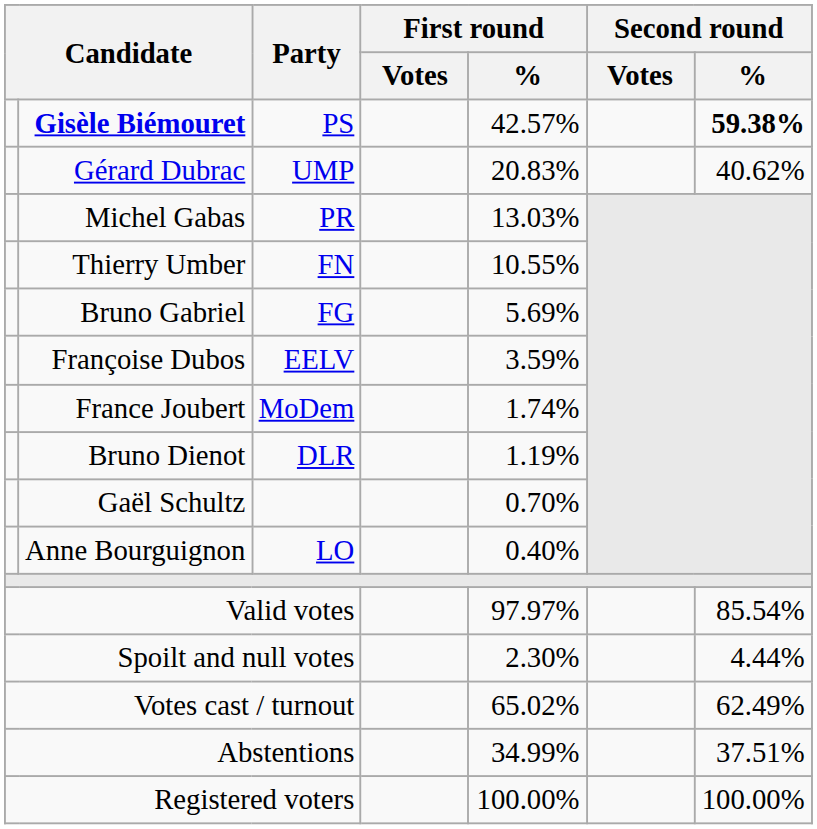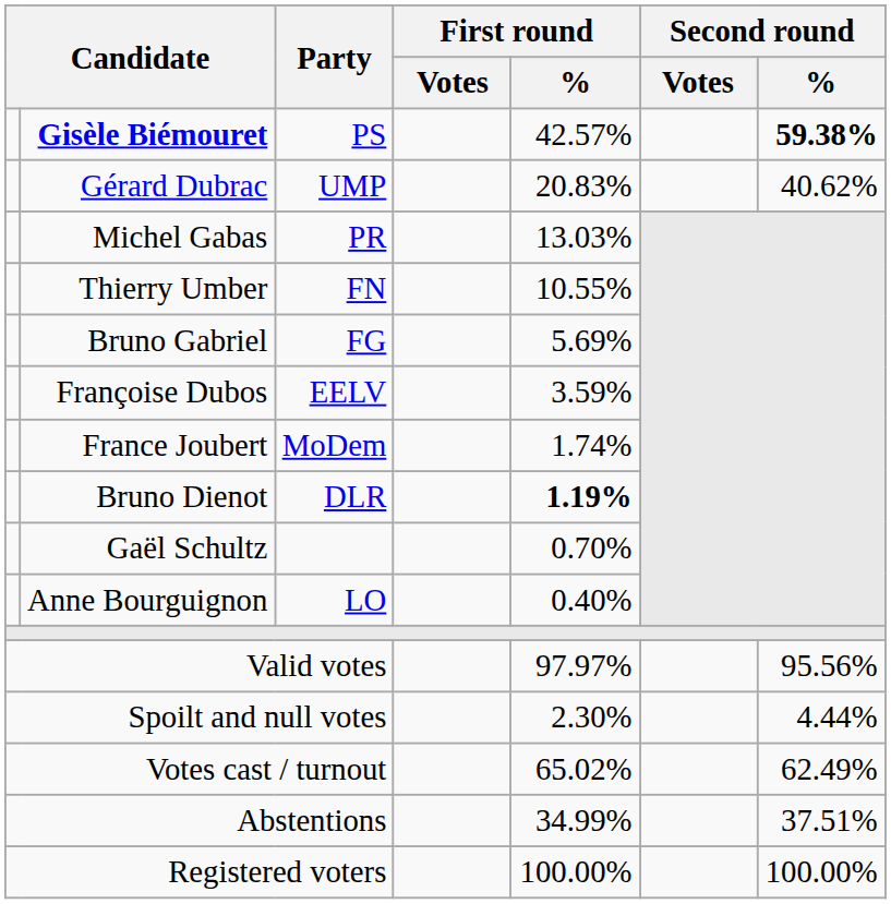 <table class="wikitable" style="text-align:right;font-size:95%;">
 <tr>
 <th rowspan=2 colspan=2>Candidate</th>
 <th rowspan=2 colspan=1>Party</th>
 <th colspan=2>First round</th>
 <th colspan=2>Second round</th>
 </tr>
 <tr>
 <th style="width:50px;">Votes</th>
 <th style="width:55px;">%</th>
 <th style="width:50px;">Votes</th>
 <th style="width:55px;">%</th>
 </tr>
 <tr>
 <td style="color:inherit;background-color:"></td>
 <td><strong><a href='#'>Gisèle Biémouret</a></strong></td>
 <td><a href='#'>PS</a></td>
 <td></td>
 <td>42.57%</td>
 <td><strong></strong></td>
 <td><strong>59.38%</strong></td>
 </tr>
 <tr>
 <td style="color:inherit;background-color:"></td>
 <td><a href='#'>Gérard Dubrac</a></td>
 <td><a href='#'>UMP</a></td>
 <td></td>
 <td>20.83%</td>
 <td></td>
 <td>40.62%</td>
 </tr>
 <tr>
 <td style="color:inherit;background-color:"></td>
 <td>Michel Gabas</td>
 <td><a href='#'>PR</a></td>
 <td></td>
 <td>13.03%</td>
 <td colspan=7 rowspan=8 style="background-color:#E9E9E9;"></td>
 </tr>
 <tr>
 <td style="color:inherit;background-color:"></td>
 <td>Thierry Umber</td>
 <td><a href='#'>FN</a></td>
 <td></td>
 <td>10.55%</td>
 </tr>
 <tr>
 <td style="color:inherit;background-color:"></td>
 <td>Bruno Gabriel</td>
 <td><a href='#'>FG</a></td>
 <td></td>
 <td>5.69%</td>
 </tr>
 <tr>
 <td style="color:inherit;background-color:"></td>
 <td>Françoise Dubos</td>
 <td><a href='#'>EELV</a></td>
 <td></td>
 <td>3.59%</td>
 </tr>
 <tr>
 <td style="color:inherit;background-color:"></td>
 <td>France Joubert</td>
 <td><a href='#'>MoDem</a></td>
 <td></td>
 <td>1.74%</td>
 </tr>
 <tr>
 <td style="color:inherit;background-color:"></td>
 <td>Bruno Dienot</td>
 <td><a href='#'>DLR</a></td>
 <td></td>
-<td>1.19%</td>
+<td><strong>1.19%</strong></td>
 </tr>
 <tr>
 <td style="background-color:;"></td>
 <td>Gaël Schultz</td>
 <td></td>
 <td></td>
 <td>0.70%</td>
 </tr>
 <tr>
 <td style="color:inherit;background-color:"></td>
 <td>Anne Bourguignon</td>
 <td><a href='#'>LO</a></td>
 <td></td>
 <td>0.40%</td>
 </tr>
 <tr>
 <td colspan=7 style="background-color:#E9E9E9;"></td>
 </tr>
 <tr>
 <td colspan=3>Valid votes</td>
 <td></td>
 <td>97.97%</td>
 <td></td>
-<td>85.54%</td>
+<td>95.56%</td>
 </tr>
 <tr>
 <td colspan=3>Spoilt and null votes</td>
 <td></td>
 <td>2.30%</td>
 <td></td>
 <td>4.44%</td>
 </tr>
 <tr>
 <td colspan=3>Votes cast / turnout</td>
 <td></td>
 <td>65.02%</td>
 <td></td>
 <td>62.49%</td>
 </tr>
 <tr>
 <td colspan=3>Abstentions</td>
 <td></td>
 <td>34.99%</td>
 <td></td>
 <td>37.51%</td>
 </tr>
 <tr>
 <td colspan=3>Registered voters</td>
 <td></td>
 <td>100.00%</td>
 <td></td>
 <td>100.00%</td>
 </tr>
 </table>
